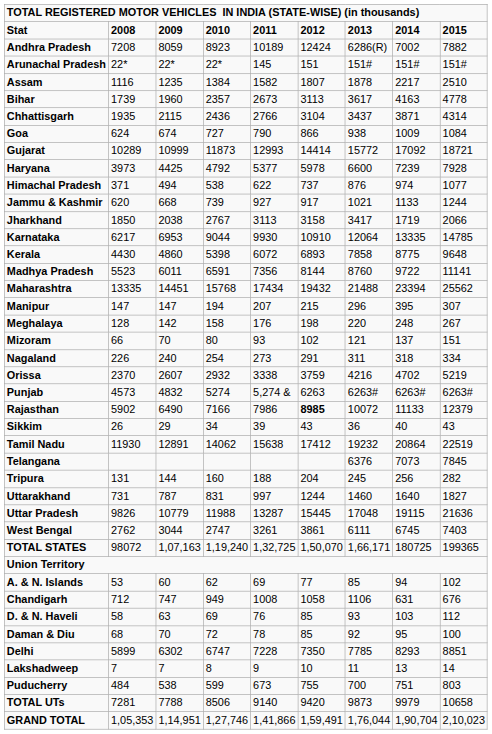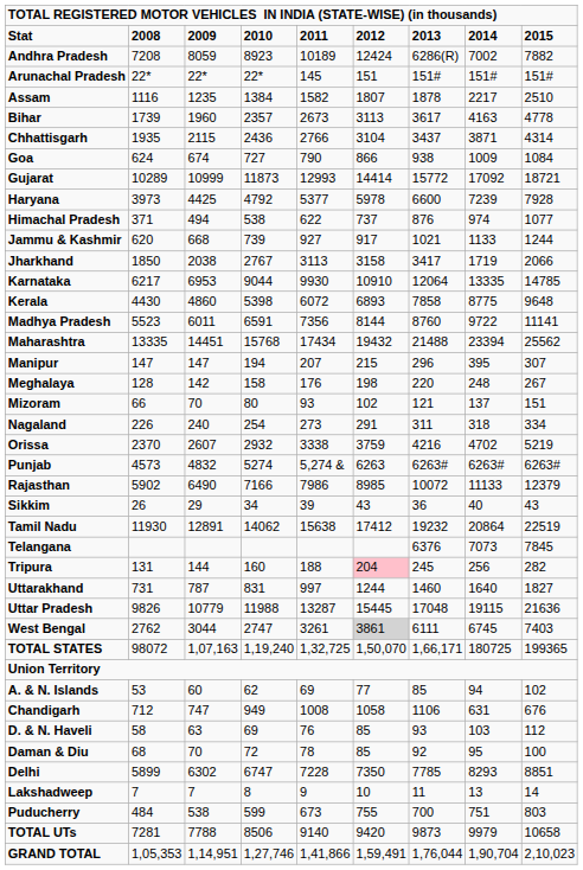 <table class="wikitable">
 <tr>
 <td colspan="9"><strong>TOTAL REGISTERED MOTOR VEHICLES  IN INDIA (STATE-WISE) (in thousands)</strong></td>
 </tr>
 <tr>
 <td><strong>Stat</strong></td>
 <td><strong>2008</strong></td>
 <td><strong>2009</strong></td>
 <td><strong>2010</strong></td>
 <td><strong>2011</strong></td>
 <td><strong>2012</strong></td>
 <td><strong>2013</strong></td>
 <td><strong>2014</strong></td>
 <td><strong>2015</strong></td>
 </tr>
 <tr>
 <td><strong>Andhra Pradesh</strong></td>
 <td>7208</td>
 <td>8059</td>
 <td>8923</td>
 <td>10189</td>
 <td>12424</td>
 <td>6286(R)</td>
 <td>7002</td>
 <td>7882</td>
 </tr>
 <tr>
 <td><strong>Arunachal Pradesh</strong></td>
 <td>22*</td>
 <td>22*</td>
 <td>22*</td>
 <td>145</td>
 <td>151</td>
 <td>151#</td>
 <td>151#</td>
 <td>151#</td>
 </tr>
 <tr>
 <td><strong>Assam</strong></td>
 <td>1116</td>
 <td>1235</td>
 <td>1384</td>
 <td>1582</td>
 <td>1807</td>
 <td>1878</td>
 <td>2217</td>
 <td>2510</td>
 </tr>
 <tr>
 <td><strong>Bihar</strong></td>
 <td>1739</td>
 <td>1960</td>
 <td>2357</td>
 <td>2673</td>
 <td>3113</td>
 <td>3617</td>
 <td>4163</td>
 <td>4778</td>
 </tr>
 <tr>
 <td><strong>Chhattisgarh</strong></td>
 <td>1935</td>
 <td>2115</td>
 <td>2436</td>
 <td>2766</td>
 <td>3104</td>
 <td>3437</td>
 <td>3871</td>
 <td>4314</td>
 </tr>
 <tr>
 <td><strong>Goa</strong></td>
 <td>624</td>
 <td>674</td>
 <td>727</td>
 <td>790</td>
 <td>866</td>
 <td>938</td>
 <td>1009</td>
 <td>1084</td>
 </tr>
 <tr>
 <td><strong>Gujarat</strong></td>
 <td>10289</td>
 <td>10999</td>
 <td>11873</td>
 <td>12993</td>
 <td>14414</td>
 <td>15772</td>
 <td>17092</td>
 <td>18721</td>
 </tr>
 <tr>
 <td><strong>Haryana</strong></td>
 <td>3973</td>
 <td>4425</td>
 <td>4792</td>
 <td>5377</td>
 <td>5978</td>
 <td>6600</td>
 <td>7239</td>
 <td>7928</td>
 </tr>
 <tr>
 <td><strong>Himachal Pradesh</strong></td>
 <td>371</td>
 <td>494</td>
 <td>538</td>
 <td>622</td>
 <td>737</td>
 <td>876</td>
 <td>974</td>
 <td>1077</td>
 </tr>
 <tr>
 <td><strong>Jammu & Kashmir</strong></td>
 <td>620</td>
 <td>668</td>
 <td>739</td>
 <td>927</td>
 <td>917</td>
 <td>1021</td>
 <td>1133</td>
 <td>1244</td>
 </tr>
 <tr>
 <td><strong>Jharkhand</strong></td>
 <td>1850</td>
 <td>2038</td>
 <td>2767</td>
 <td>3113</td>
 <td>3158</td>
 <td>3417</td>
 <td>1719</td>
 <td>2066</td>
 </tr>
 <tr>
 <td><strong>Karnataka</strong></td>
 <td>6217</td>
 <td>6953</td>
 <td>9044</td>
 <td>9930</td>
 <td>10910</td>
 <td>12064</td>
 <td>13335</td>
 <td>14785</td>
 </tr>
 <tr>
 <td><strong>Kerala</strong></td>
 <td>4430</td>
 <td>4860</td>
 <td>5398</td>
 <td>6072</td>
 <td>6893</td>
 <td>7858</td>
 <td>8775</td>
 <td>9648</td>
 </tr>
 <tr>
 <td><strong>Madhya Pradesh</strong></td>
 <td>5523</td>
 <td>6011</td>
 <td>6591</td>
 <td>7356</td>
 <td>8144</td>
 <td>8760</td>
 <td>9722</td>
 <td>11141</td>
 </tr>
 <tr>
 <td><strong>Maharashtra</strong></td>
 <td>13335</td>
 <td>14451</td>
 <td>15768</td>
 <td>17434</td>
 <td>19432</td>
 <td>21488</td>
 <td>23394</td>
 <td>25562</td>
 </tr>
 <tr>
 <td><strong>Manipur </strong></td>
 <td>147</td>
 <td>147</td>
 <td>194</td>
 <td>207</td>
 <td>215</td>
 <td>296</td>
 <td>395</td>
 <td>307</td>
 </tr>
 <tr>
 <td><strong>Meghalaya</strong></td>
 <td>128</td>
 <td>142</td>
 <td>158</td>
 <td>176</td>
 <td>198</td>
 <td>220</td>
 <td>248</td>
 <td>267</td>
 </tr>
 <tr>
 <td><strong>Mizoram</strong></td>
 <td>66</td>
 <td>70</td>
 <td>80</td>
 <td>93</td>
 <td>102</td>
 <td>121</td>
 <td>137</td>
 <td>151</td>
 </tr>
 <tr>
 <td><strong>Nagaland</strong></td>
 <td>226</td>
 <td>240</td>
 <td>254</td>
 <td>273</td>
 <td>291</td>
 <td>311</td>
 <td>318</td>
 <td>334</td>
 </tr>
 <tr>
 <td><strong>Orissa</strong></td>
 <td>2370</td>
 <td>2607</td>
 <td>2932</td>
 <td>3338</td>
 <td>3759</td>
 <td>4216</td>
 <td>4702</td>
 <td>5219</td>
 </tr>
 <tr>
 <td><strong>Punjab</strong></td>
 <td>4573</td>
 <td>4832</td>
 <td>5274</td>
 <td>5,274 &</td>
 <td>6263</td>
 <td>6263#</td>
 <td>6263#</td>
 <td>6263#</td>
 </tr>
 <tr>
 <td><strong>Rajasthan</strong></td>
 <td>5902</td>
 <td>6490</td>
 <td>7166</td>
 <td>7986</td>
-<td><strong>8985</strong></td>
+<td>8985</td>
 <td>10072</td>
 <td>11133</td>
 <td>12379</td>
 </tr>
 <tr>
 <td><strong>Sikkim</strong></td>
 <td>26</td>
 <td>29</td>
 <td>34</td>
 <td>39</td>
 <td>43</td>
 <td>36</td>
 <td>40</td>
 <td>43</td>
 </tr>
 <tr>
 <td><strong>Tamil Nadu</strong></td>
 <td>11930</td>
 <td>12891</td>
 <td>14062</td>
 <td>15638</td>
 <td>17412</td>
 <td>19232</td>
 <td>20864</td>
 <td>22519</td>
 </tr>
 <tr>
 <td><strong>Telangana</strong></td>
 <td></td>
 <td></td>
 <td></td>
 <td></td>
 <td></td>
 <td>6376</td>
 <td>7073</td>
 <td>7845</td>
 </tr>
 <tr>
 <td><strong>Tripura</strong></td>
 <td>131</td>
 <td>144</td>
 <td>160</td>
 <td>188</td>
-<td>204</td>
+<td style="background: pink;">204</td>
 <td>245</td>
 <td>256</td>
 <td>282</td>
 </tr>
 <tr>
 <td><strong>Uttarakhand</strong></td>
 <td>731</td>
 <td>787</td>
 <td>831</td>
 <td>997</td>
 <td>1244</td>
 <td>1460</td>
 <td>1640</td>
 <td>1827</td>
 </tr>
 <tr>
 <td><strong>Uttar Pradesh</strong></td>
 <td>9826</td>
 <td>10779</td>
 <td>11988</td>
 <td>13287</td>
 <td>15445</td>
 <td>17048</td>
 <td>19115</td>
 <td>21636</td>
 </tr>
 <tr>
 <td><strong>West Bengal</strong></td>
 <td>2762</td>
 <td>3044</td>
 <td>2747</td>
 <td>3261</td>
-<td>3861</td>
+<td style="background: lightgrey;">3861</td>
 <td>6111</td>
 <td>6745</td>
 <td>7403</td>
 </tr>
 <tr>
 <td><strong>TOTAL STATES</strong></td>
 <td>98072</td>
 <td>1,07,163</td>
 <td>1,19,240</td>
 <td>1,32,725</td>
 <td>1,50,070</td>
 <td>1,66,171</td>
 <td>180725</td>
 <td>199365</td>
 </tr>
 <tr>
 <td colspan="9"><strong>Union Territory</strong></td>
 </tr>
 <tr>
 <td><strong>A. & N. Islands</strong></td>
 <td>53</td>
 <td>60</td>
 <td>62</td>
 <td>69</td>
 <td>77</td>
 <td>85</td>
 <td>94</td>
 <td>102</td>
 </tr>
 <tr>
 <td><strong>Chandigarh</strong></td>
 <td>712</td>
 <td>747</td>
 <td>949</td>
 <td>1008</td>
 <td>1058</td>
 <td>1106</td>
 <td>631</td>
 <td>676</td>
 </tr>
 <tr>
 <td><strong>D. & N. Haveli</strong></td>
 <td>58</td>
 <td>63</td>
 <td>69</td>
 <td>76</td>
 <td>85</td>
 <td>93</td>
 <td>103</td>
 <td>112</td>
 </tr>
 <tr>
 <td><strong>Daman & Diu</strong></td>
 <td>68</td>
 <td>70</td>
 <td>72</td>
 <td>78</td>
 <td>85</td>
 <td>92</td>
 <td>95</td>
 <td>100</td>
 </tr>
 <tr>
 <td><strong>Delhi</strong></td>
 <td>5899</td>
 <td>6302</td>
 <td>6747</td>
 <td>7228</td>
 <td>7350</td>
 <td>7785</td>
 <td>8293</td>
 <td>8851</td>
 </tr>
 <tr>
 <td><strong>Lakshadweep</strong></td>
 <td>7</td>
 <td>7</td>
 <td>8</td>
 <td>9</td>
 <td>10</td>
 <td>11</td>
 <td>13</td>
 <td>14</td>
 </tr>
 <tr>
 <td><strong>Puducherry</strong></td>
 <td>484</td>
 <td>538</td>
 <td>599</td>
 <td>673</td>
 <td>755</td>
 <td>700</td>
 <td>751</td>
 <td>803</td>
 </tr>
 <tr>
 <td><strong>TOTAL UTs</strong></td>
 <td>7281</td>
 <td>7788</td>
 <td>8506</td>
 <td>9140</td>
 <td>9420</td>
 <td>9873</td>
 <td>9979</td>
 <td>10658</td>
 </tr>
 <tr>
 <td><strong>GRAND TOTAL</strong></td>
 <td>1,05,353</td>
 <td>1,14,951</td>
 <td>1,27,746</td>
 <td>1,41,866</td>
 <td>1,59,491</td>
 <td>1,76,044</td>
 <td>1,90,704</td>
 <td>2,10,023</td>
 </tr>
 </table>
